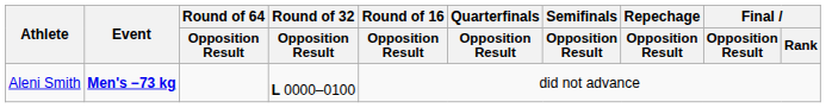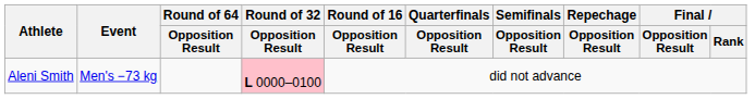 <table class="wikitable" style="font-size:90%">
 <tr>
 <th rowspan="2">Athlete</th>
 <th rowspan="2">Event</th>
 <th>Round of 64</th>
 <th>Round of 32</th>
 <th>Round of 16</th>
 <th>Quarterfinals</th>
 <th>Semifinals</th>
 <th>Repechage</th>
 <th colspan=2>Final / </th>
 </tr>
 <tr style="font-size:95%">
 <th>Opposition<br>Result</th>
 <th>Opposition<br>Result</th>
 <th>Opposition<br>Result</th>
 <th>Opposition<br>Result</th>
 <th>Opposition<br>Result</th>
 <th>Opposition<br>Result</th>
 <th>Opposition<br>Result</th>
 <th>Rank</th>
 </tr>
 <tr align=center>
 <td align=left><a href='#'>Aleni Smith</a></td>
-<td align=left><strong><a href='#'>Men's −73 kg</a></strong></td>
+<td align=left><a href='#'>Men's −73 kg</a></td>
 <td></td>
-<td><br><strong>L</strong> 0000–0100</td>
+<td style="background: pink;"><br><strong>L</strong> 0000–0100</td>
 <td colspan=6>did not advance</td>
 </tr>
 </table>
